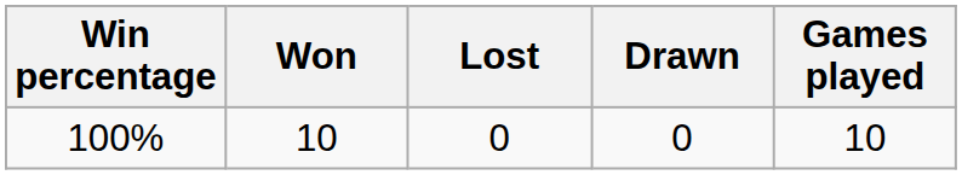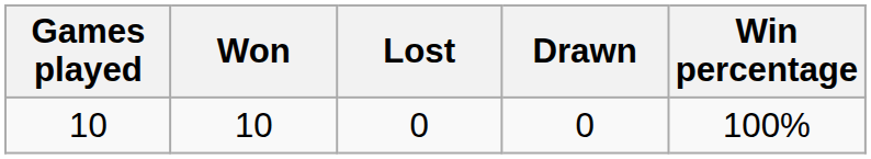 <table class="wikitable" style="text-align:center">
 <tr>
-<th width="70">Win percentage</th>
+<th width="70">Games played</th>
 <th width="70">Won</th>
 <th width="70">Lost</th>
 <th width="70">Drawn</th>
-<th width="70">Games played</th>
+<th width="70">Win percentage</th>
 </tr>
 <tr>
-<td>100%</td>
+<td>10</td>
 <td>10</td>
 <td>0</td>
 <td>0</td>
-<td>10</td>
+<td>100%</td>
 </tr>
 </table>
